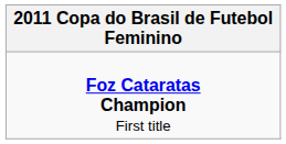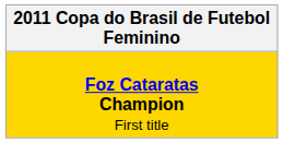 <table class="wikitable" style="margin: 0 auto; width: 20%;">
 <tr>
 <th>2011 Copa do Brasil de Futebol Feminino</th>
 </tr>
 <tr>
-<td align=center> <br><strong><a href='#'>Foz Cataratas</a></strong><br><strong>Champion</strong><br><small>First title</small></td>
+<td align=center style="background: gold;"> <br><strong><a href='#'>Foz Cataratas</a></strong><br><strong>Champion</strong><br><small>First title</small></td>
 </tr>
 </table>
